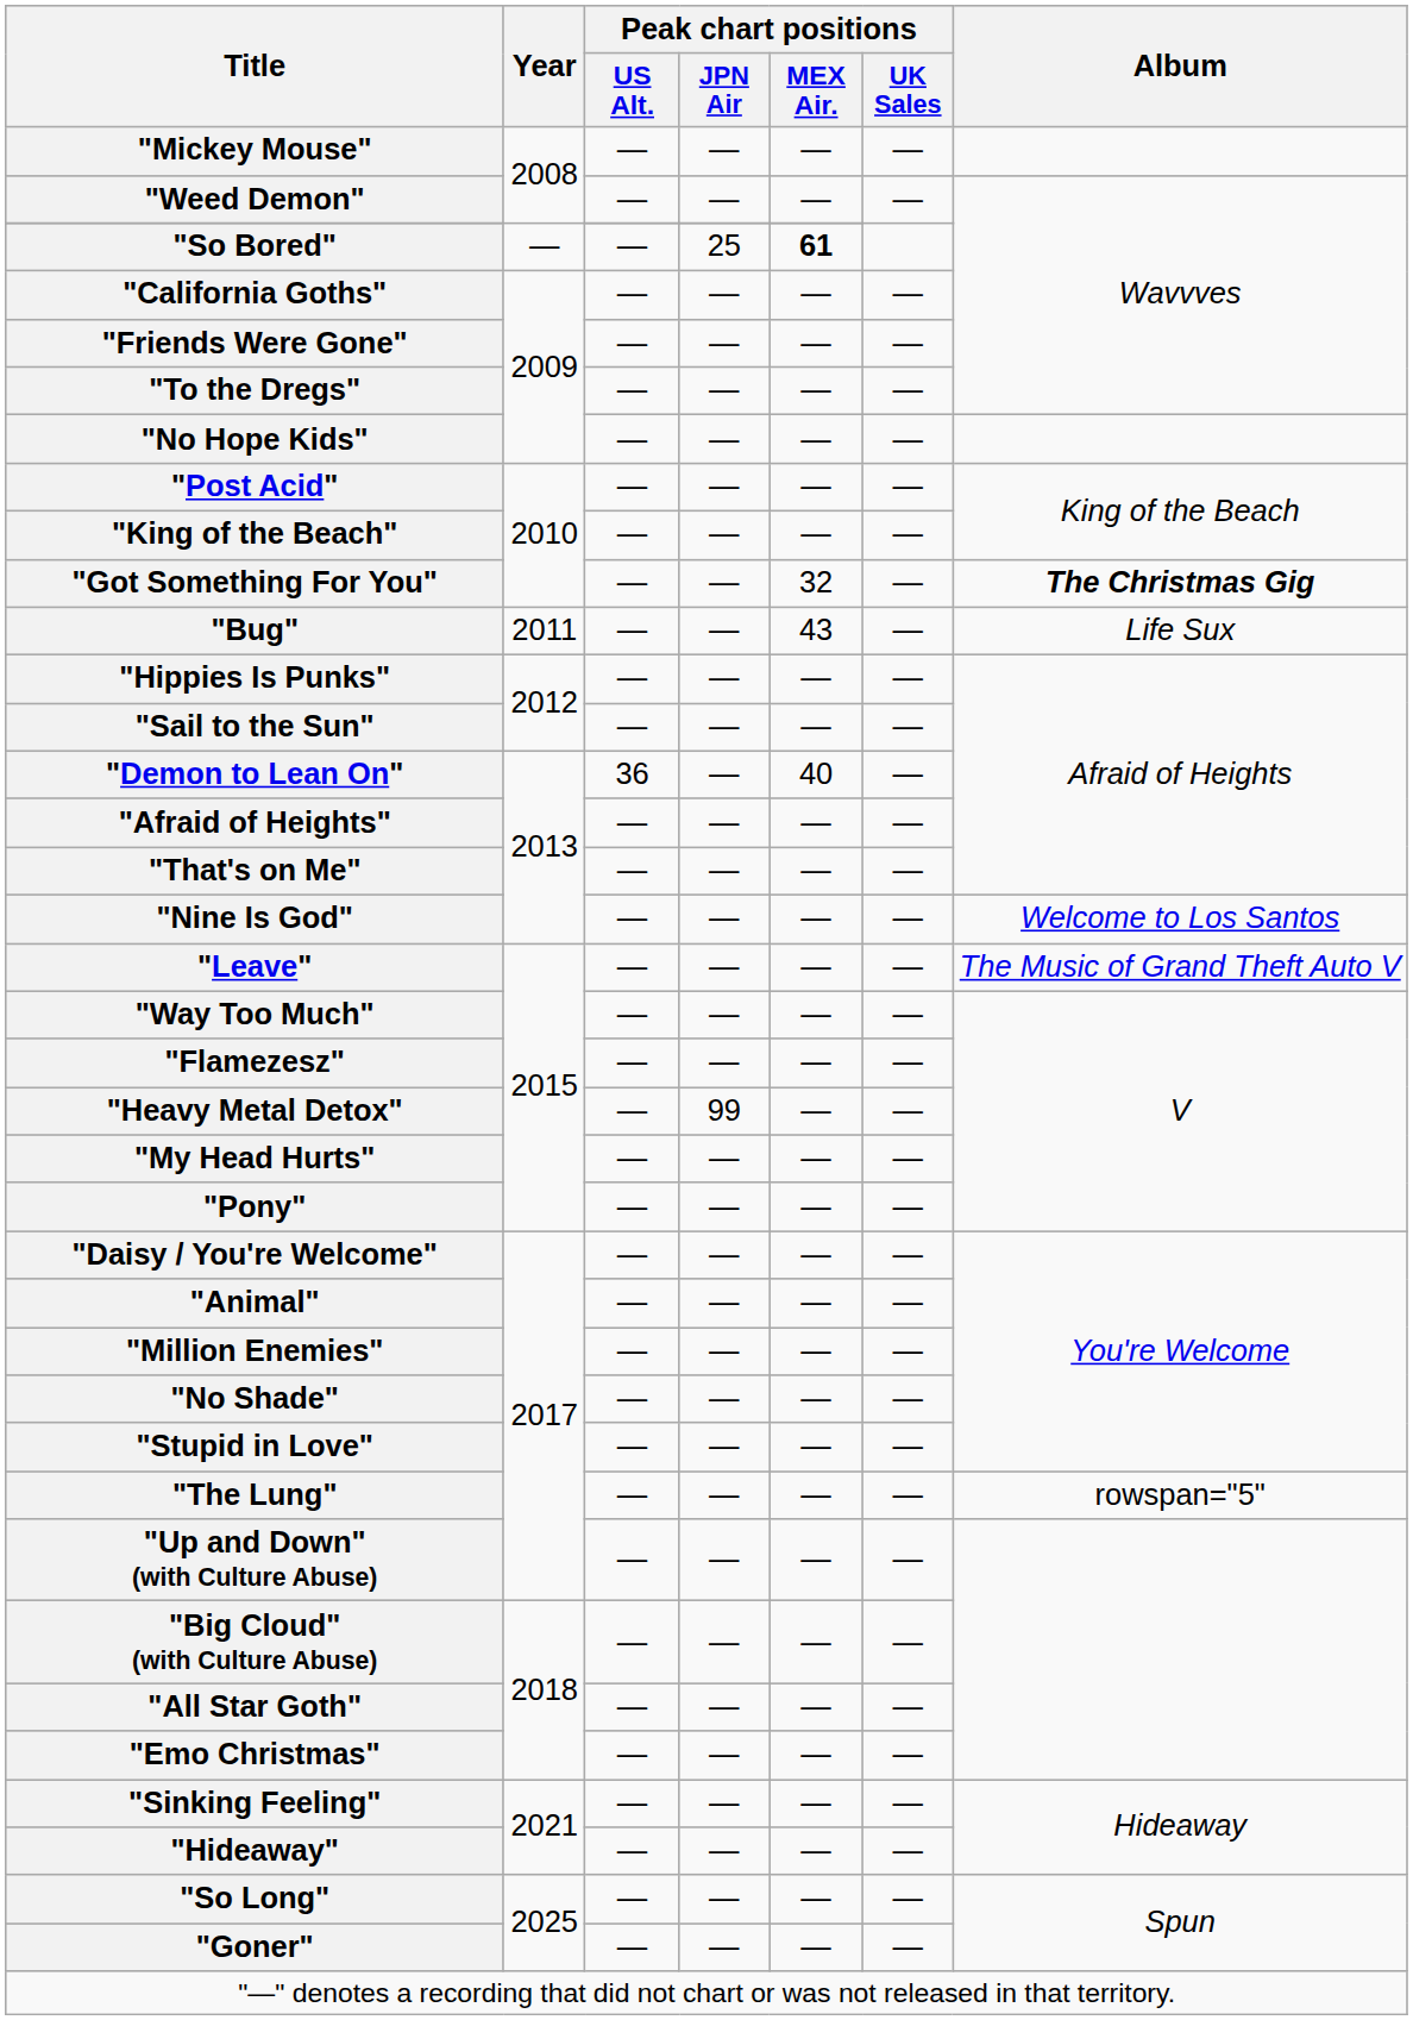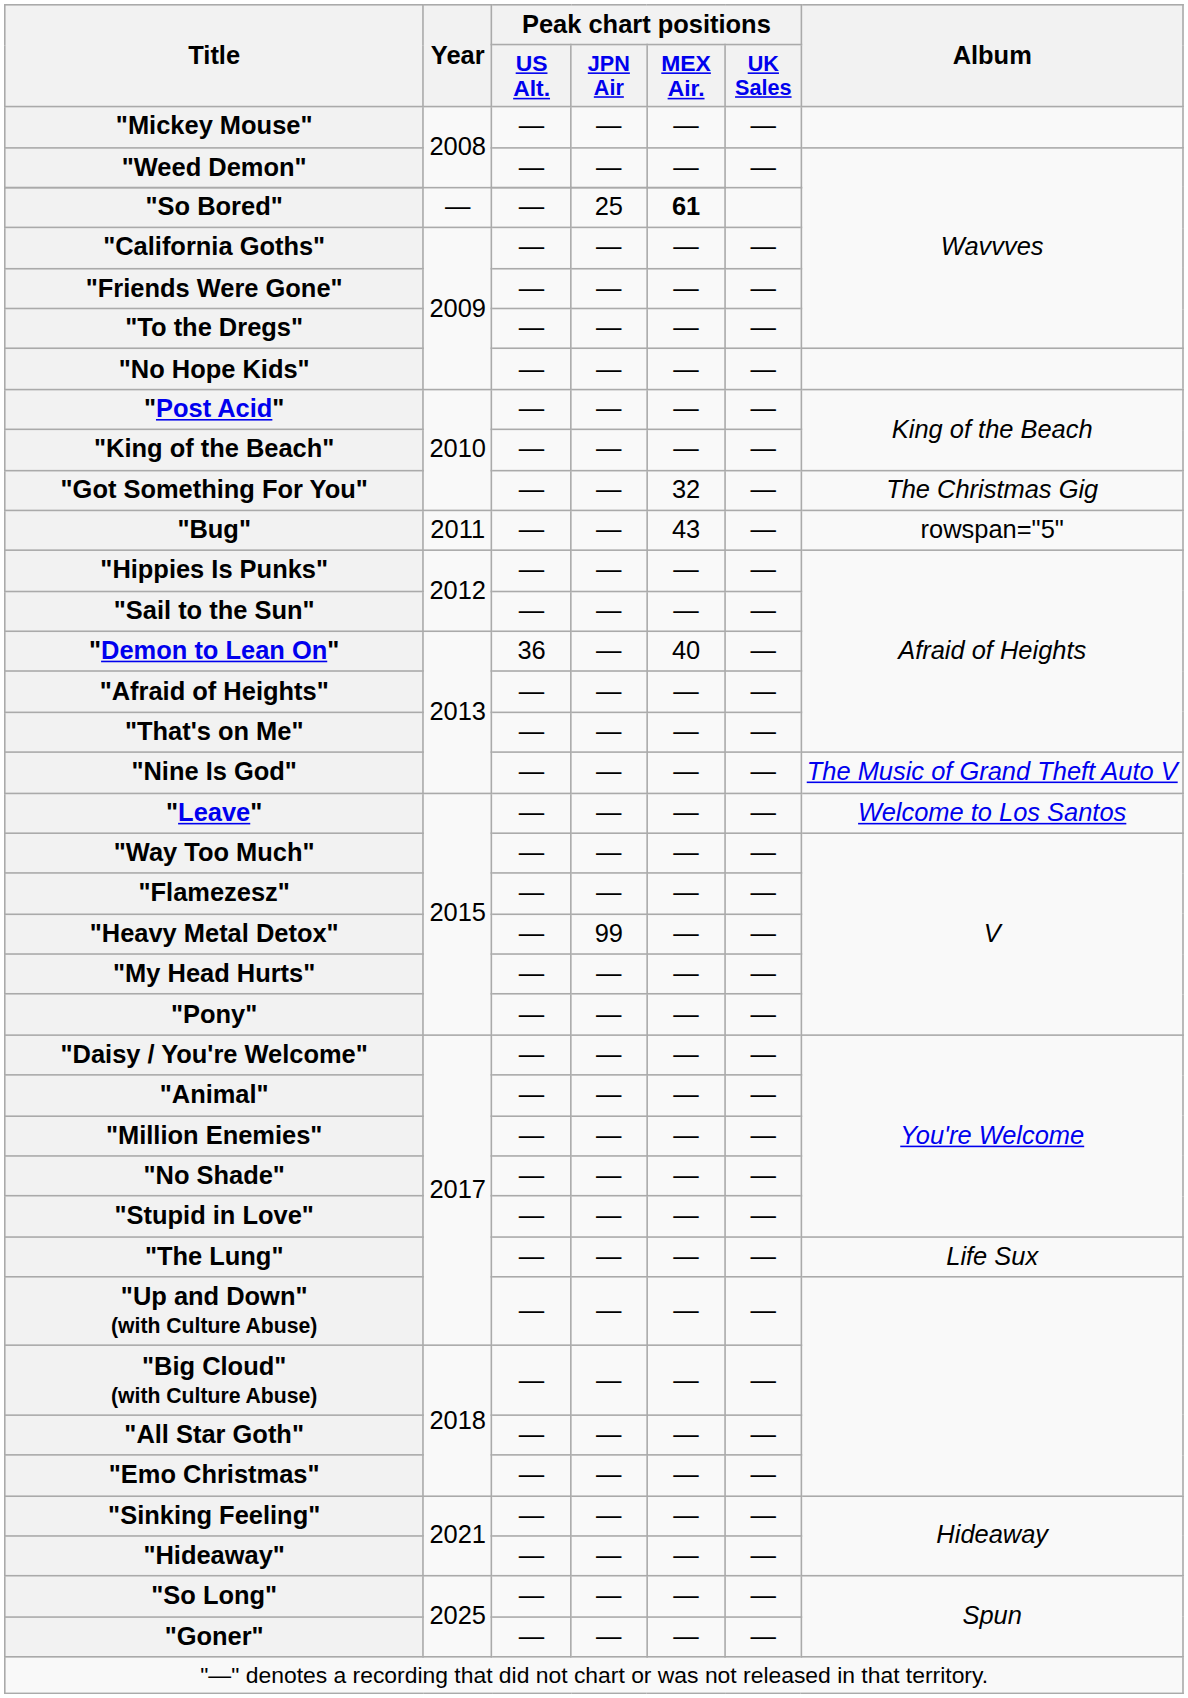 <table class="wikitable plainrowheaders" style="text-align:center;">
 <tr>
 <th scope="col" rowspan="2" style="width:16em;">Title</th>
 <th scope="col" rowspan="2">Year</th>
 <th scope="col" colspan="4">Peak chart positions</th>
 <th scope="col" rowspan="2">Album</th>
 </tr>
 <tr>
 <th scope="col" style="width:3em;font-size:90%;"><a href='#'>US<br>Alt.</a><br></th>
 <th scope="col" style="width:3em;font-size:85%;"><a href='#'>JPN<br>Air</a><br></th>
 <th scope="col" style="width:3em;font-size:90%;"><a href='#'>MEX<br> Air.</a><br></th>
 <th scope="col" style="width:3em;font-size:85%;"><a href='#'>UK<br>Sales</a><br></th>
 </tr>
 <tr>
 <th scope="row">"Mickey Mouse"</th>
 <td rowspan="3">2008</td>
 <td>—</td>
 <td>—</td>
 <td>—</td>
 <td>—</td>
 <td></td>
 </tr>
 <tr>
 <th scope="row">"Weed Demon"</th>
 <td>—</td>
 <td>—</td>
 <td>—</td>
 <td>—</td>
 <td rowspan="6"><em>Wavvves</em></td>
 </tr>
 <tr>
 </tr>
 <tr>
 <th scope="row">"So Bored"</th>
 <td>—</td>
 <td>—</td>
 <td>25</td>
 <td><strong>61</strong></td>
 </tr>
 <tr>
 <th scope="row">"California Goths"</th>
 <td rowspan="4">2009</td>
 <td>—</td>
 <td>—</td>
 <td>—</td>
 <td>—</td>
 </tr>
 <tr>
 <th scope="row">"Friends Were Gone"</th>
 <td>—</td>
 <td>—</td>
 <td>—</td>
 <td>—</td>
 </tr>
 <tr>
 <th scope="row">"To the Dregs"</th>
 <td>—</td>
 <td>—</td>
 <td>—</td>
 <td>—</td>
 </tr>
 <tr>
 <th scope="row">"No Hope Kids"</th>
 <td>—</td>
 <td>—</td>
 <td>—</td>
 <td>—</td>
 </tr>
 <tr>
 <th scope="row">"<a href='#'>Post Acid</a>"</th>
 <td rowspan="3">2010</td>
 <td>—</td>
 <td>—</td>
 <td>—</td>
 <td>—</td>
 <td rowspan="2"><em>King of the Beach</em></td>
 </tr>
 <tr>
 <th scope="row">"King of the Beach"</th>
 <td>—</td>
 <td>—</td>
 <td>—</td>
 <td>—</td>
 </tr>
 <tr>
 <th scope="row">"Got Something For You"<br> </th>
 <td>—</td>
 <td>—</td>
 <td>32</td>
 <td>—</td>
-<td><strong><em>The Christmas Gig</em></strong></td>
+<td><em>The Christmas Gig</em></td>
 </tr>
 <tr>
 <th scope="row">"Bug"</th>
 <td>2011</td>
 <td>—</td>
 <td>—</td>
 <td>43</td>
 <td>—</td>
-<td><em>Life Sux</em></td>
+<td>rowspan="5" </td>
 </tr>
 <tr>
 <th scope="row">"Hippies Is Punks"</th>
 <td rowspan="2">2012</td>
 <td>—</td>
 <td>—</td>
 <td>—</td>
 <td>—</td>
 <td rowspan="5"><em>Afraid of Heights</em></td>
 </tr>
 <tr>
 <th scope="row">"Sail to the Sun"</th>
 <td>—</td>
 <td>—</td>
 <td>—</td>
 <td>—</td>
 </tr>
 <tr>
 <th scope="row">"<a href='#'>Demon to Lean On</a>"</th>
 <td rowspan="4">2013</td>
 <td>36</td>
 <td>—</td>
 <td>40</td>
 <td>—</td>
 </tr>
 <tr>
 <th scope="row">"Afraid of Heights"</th>
 <td>—</td>
 <td>—</td>
 <td>—</td>
 <td>—</td>
 </tr>
 <tr>
 <th scope="row">"That's on Me"</th>
 <td>—</td>
 <td>—</td>
 <td>—</td>
 <td>—</td>
 </tr>
 <tr>
 <th scope="row">"Nine Is God"</th>
 <td>—</td>
 <td>—</td>
 <td>—</td>
 <td>—</td>
-<td><em><a href='#'>Welcome to Los Santos</a></em></td>
+<td><em><a href='#'>The Music of Grand Theft Auto V</a></em></td>
 </tr>
 <tr>
 <th scope="row">"<a href='#'>Leave</a>"</th>
 <td rowspan="6">2015</td>
 <td>—</td>
 <td>—</td>
 <td>—</td>
 <td>—</td>
-<td><em><a href='#'>The Music of Grand Theft Auto V</a></em></td>
+<td><em><a href='#'>Welcome to Los Santos</a></em></td>
 </tr>
 <tr>
 <th scope="row">"Way Too Much"</th>
 <td>—</td>
 <td>—</td>
 <td>—</td>
 <td>—</td>
 <td rowspan="5"><em>V</em></td>
 </tr>
 <tr>
 <th scope="row">"Flamezesz"</th>
 <td>—</td>
 <td>—</td>
 <td>—</td>
 <td>—</td>
 </tr>
 <tr>
 <th scope="row">"Heavy Metal Detox"</th>
 <td>—</td>
 <td>99</td>
 <td>—</td>
 <td>—</td>
 </tr>
 <tr>
 <th scope="row">"My Head Hurts"</th>
 <td>—</td>
 <td>—</td>
 <td>—</td>
 <td>—</td>
 </tr>
 <tr>
 <th scope="row">"Pony"</th>
 <td>—</td>
 <td>—</td>
 <td>—</td>
 <td>—</td>
 </tr>
 <tr>
 <th scope="row">"Daisy / You're Welcome"</th>
 <td rowspan="7">2017</td>
 <td>—</td>
 <td>—</td>
 <td>—</td>
 <td>—</td>
 <td rowspan="5"><em><a href='#'>You're Welcome</a></em></td>
 </tr>
 <tr>
 <th scope="row">"Animal"</th>
 <td>—</td>
 <td>—</td>
 <td>—</td>
 <td>—</td>
 </tr>
 <tr>
 <th scope="row">"Million Enemies"</th>
 <td>—</td>
 <td>—</td>
 <td>—</td>
 <td>—</td>
 </tr>
 <tr>
 <th scope="row">"No Shade"</th>
 <td>—</td>
 <td>—</td>
 <td>—</td>
 <td>—</td>
 </tr>
 <tr>
 <th scope="row">"Stupid in Love"</th>
 <td>—</td>
 <td>—</td>
 <td>—</td>
 <td>—</td>
 </tr>
 <tr>
 <th scope="row">"The Lung"</th>
 <td>—</td>
 <td>—</td>
 <td>—</td>
 <td>—</td>
-<td>rowspan="5" </td>
+<td><em>Life Sux</em></td>
 </tr>
 <tr>
 <th scope="row">"Up and Down"<br><small>(with Culture Abuse)</small></th>
 <td>—</td>
 <td>—</td>
 <td>—</td>
 <td>—</td>
 </tr>
 <tr>
 <th scope="row">"Big Cloud"<br><small>(with Culture Abuse)</small></th>
 <td rowspan="3">2018</td>
 <td>—</td>
 <td>—</td>
 <td>—</td>
 <td>—</td>
 </tr>
 <tr>
 <th scope="row">"All Star Goth"</th>
 <td>—</td>
 <td>—</td>
 <td>—</td>
 <td>—</td>
 </tr>
 <tr>
 <th scope="row">"Emo Christmas"</th>
 <td>—</td>
 <td>—</td>
 <td>—</td>
 <td>—</td>
 </tr>
 <tr>
 <th scope="row">"Sinking Feeling"</th>
 <td rowspan="2">2021</td>
 <td>—</td>
 <td>—</td>
 <td>—</td>
 <td>—</td>
 <td rowspan="2"><em>Hideaway</em></td>
 </tr>
 <tr>
 <th scope="row">"Hideaway"</th>
 <td>—</td>
 <td>—</td>
 <td>—</td>
 <td>—</td>
 </tr>
 <tr>
 <th scope="row">"So Long"</th>
 <td rowspan="2">2025</td>
 <td>—</td>
 <td>—</td>
 <td>—</td>
 <td>—</td>
 <td rowspan="2"><em>Spun</em></td>
 </tr>
 <tr>
 <th scope="row">"Goner"</th>
 <td>—</td>
 <td>—</td>
 <td>—</td>
 <td>—</td>
 </tr>
 <tr>
 <td colspan="15" style="font-size:90%">"—" denotes a recording that did not chart or was not released in that territory.</td>
 </tr>
 </table>
